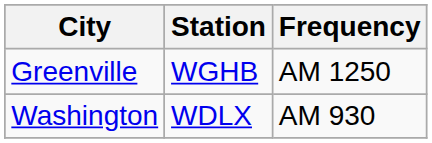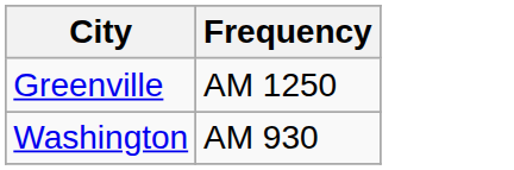 <table class="wikitable sortable">
 <tr>
 <th>City</th>
-<th>Station</th>
 <th>Frequency</th>
 </tr>
 <tr>
 <td><a href='#'>Greenville</a></td>
-<td><a href='#'>WGHB</a></td>
 <td>AM 1250</td>
 </tr>
 <tr>
 <td><a href='#'>Washington</a></td>
-<td><a href='#'>WDLX</a></td>
 <td>AM 930</td>
 </tr>
 </table>
